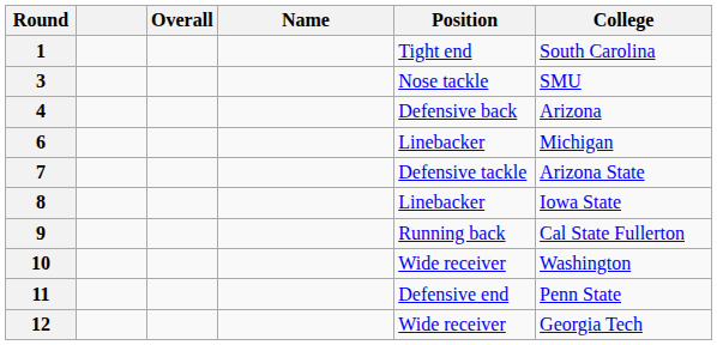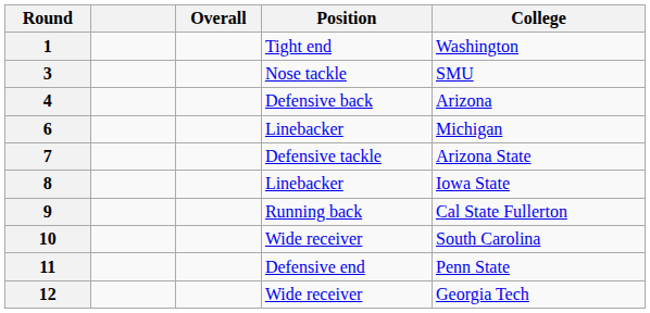 <table class="wikitable sortable">
 <tr>
 <th scope="col" style="width: 10%;">Round</th>
 <th scope="col" style="width: 10%;"></th>
 <th scope="col" style="width: 10%;">Overall</th>
-<th scope="col" style="width: 25%;">Name</th>
 <th scope="col" style="width: 20%;">Position</th>
 <th scope="col" style="width: 25%;">College</th>
 </tr>
 <tr>
 <th scope="row">1</th>
 <td></td>
 <td></td>
-<td></td>
 <td><a href='#'>Tight end</a></td>
-<td><a href='#'>South Carolina</a></td>
+<td><a href='#'>Washington</a></td>
 </tr>
 <tr>
 <th scope="row">3</th>
-<td></td>
 <td></td>
 <td></td>
 <td><a href='#'>Nose tackle</a></td>
 <td><a href='#'>SMU</a></td>
 </tr>
 <tr>
 <th scope="row">4</th>
 <td></td>
 <td></td>
-<td></td>
 <td><a href='#'>Defensive back</a></td>
 <td><a href='#'>Arizona</a></td>
 </tr>
 <tr>
 <th scope="row">6</th>
-<td></td>
 <td></td>
 <td></td>
 <td><a href='#'>Linebacker</a></td>
 <td><a href='#'>Michigan</a></td>
 </tr>
 <tr>
 <th scope="row">7</th>
 <td></td>
 <td></td>
-<td></td>
 <td><a href='#'>Defensive tackle</a></td>
 <td><a href='#'>Arizona State</a></td>
 </tr>
 <tr>
 <th scope="row">8</th>
-<td></td>
 <td></td>
 <td></td>
 <td><a href='#'>Linebacker</a></td>
 <td><a href='#'>Iowa State</a></td>
 </tr>
 <tr>
 <th scope="row">9</th>
 <td></td>
 <td></td>
-<td></td>
 <td><a href='#'>Running back</a></td>
 <td><a href='#'>Cal State Fullerton</a></td>
 </tr>
 <tr>
 <th scope="row">10</th>
 <td></td>
 <td></td>
-<td></td>
 <td><a href='#'>Wide receiver</a></td>
-<td><a href='#'>Washington</a></td>
+<td><a href='#'>South Carolina</a></td>
 </tr>
 <tr>
 <th scope="row">11</th>
-<td></td>
 <td></td>
 <td></td>
 <td><a href='#'>Defensive end</a></td>
 <td><a href='#'>Penn State</a></td>
 </tr>
 <tr>
 <th scope="row">12</th>
 <td></td>
 <td></td>
-<td></td>
 <td><a href='#'>Wide receiver</a></td>
 <td><a href='#'>Georgia Tech</a></td>
 </tr>
 </table>
